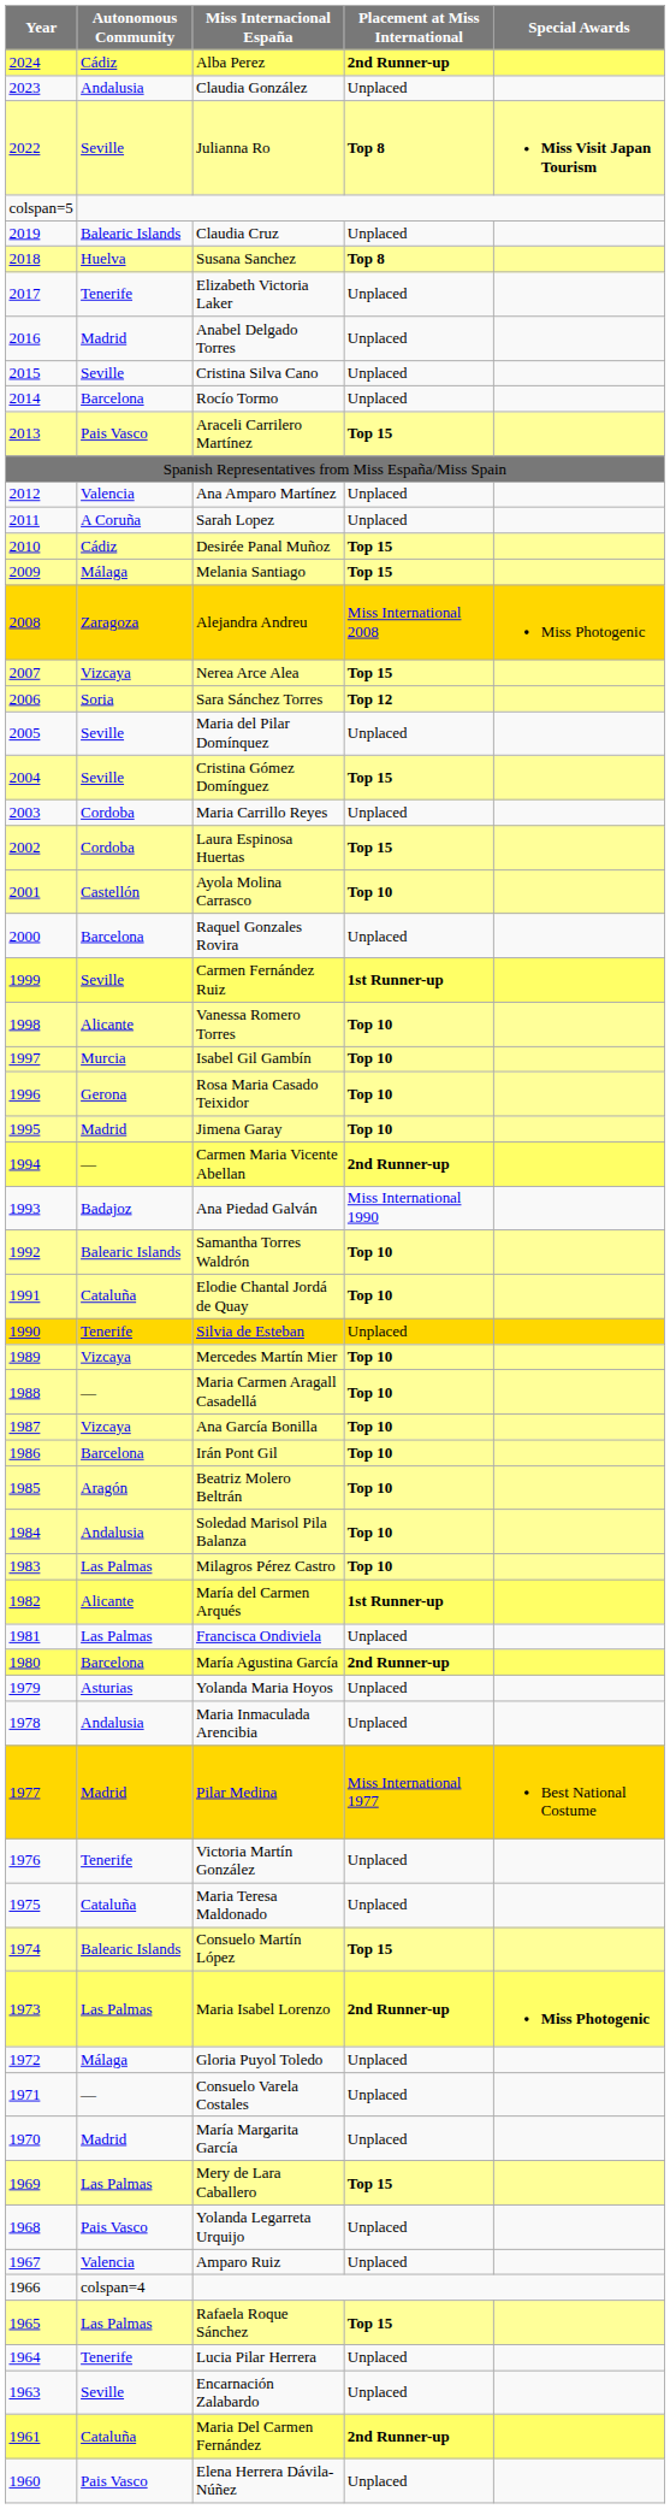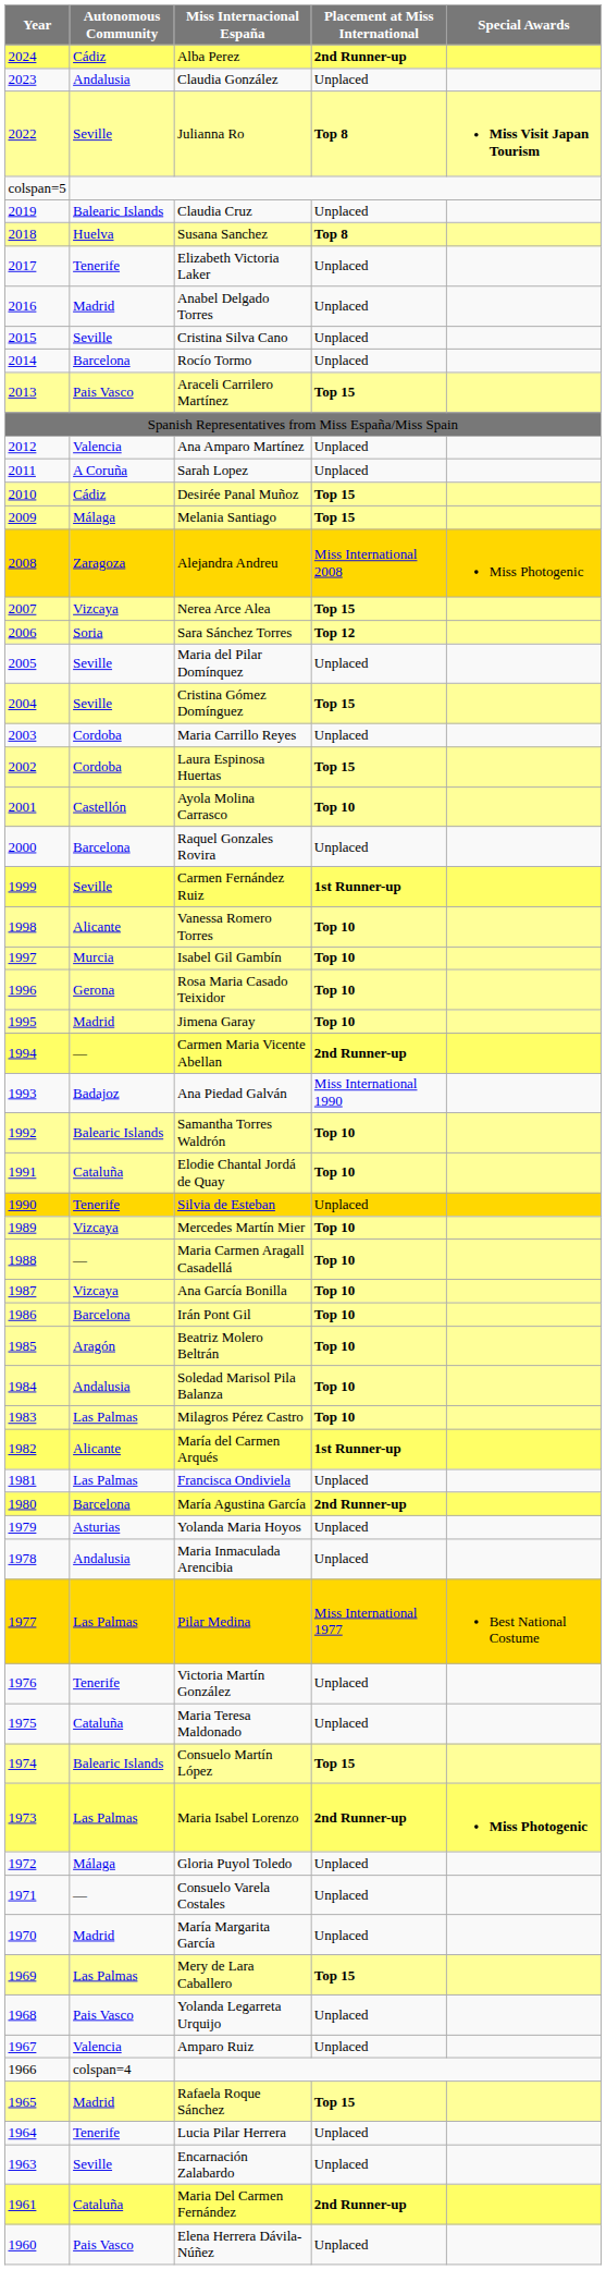 <table class="wikitable " style="font-size: 90%;">
 <tr>
 <th width="60" style="background-color:#787878;color:#FFFFFF;">Year</th>
 <th width="150" style="background-color:#787878;color:#FFFFFF;">Autonomous Community</th>
 <th width="250" style="background-color:#787878;color:#FFFFFF;">Miss Internacional España</th>
 <th width="250" style="background-color:#787878;color:#FFFFFF;">Placement at Miss International</th>
 <th width="250" style="background-color:#787878;color:#FFFFFF;">Special Awards</th>
 </tr>
 <tr style="background-color:#FFFF66;">
 <td><a href='#'>2024</a></td>
 <td><a href='#'>Cádiz</a></td>
 <td>Alba Perez</td>
 <td><strong>2nd Runner-up</strong></td>
 <td></td>
 </tr>
 <tr>
 <td><a href='#'>2023</a></td>
 <td><a href='#'>Andalusia</a></td>
 <td>Claudia González</td>
 <td>Unplaced</td>
 <td></td>
 </tr>
 <tr style="background-color:#FFFF99;">
 <td><a href='#'>2022</a></td>
 <td><a href='#'>Seville</a></td>
 <td>Julianna Ro</td>
 <td><strong>Top 8</strong></td>
 <td><br><ul><li><strong>Miss Visit Japan Tourism</strong></li></ul></td>
 </tr>
 <tr>
 <td>colspan=5 </td>
 </tr>
 <tr>
 <td><a href='#'>2019</a></td>
 <td><a href='#'>Balearic Islands</a></td>
 <td>Claudia Cruz</td>
 <td>Unplaced</td>
 <td></td>
 </tr>
 <tr style="background-color:#FFFF99;">
 <td><a href='#'>2018</a></td>
 <td><a href='#'>Huelva</a></td>
 <td>Susana Sanchez</td>
 <td><strong>Top 8</strong></td>
 <td></td>
 </tr>
 <tr>
 <td><a href='#'>2017</a></td>
 <td><a href='#'>Tenerife</a></td>
 <td>Elizabeth Victoria Laker</td>
 <td>Unplaced</td>
 <td></td>
 </tr>
 <tr>
 <td><a href='#'>2016</a></td>
 <td><a href='#'>Madrid</a></td>
 <td>Anabel Delgado Torres</td>
 <td>Unplaced</td>
 <td></td>
 </tr>
 <tr>
 <td><a href='#'>2015</a></td>
 <td><a href='#'>Seville</a></td>
 <td>Cristina Silva Cano</td>
 <td>Unplaced</td>
 <td></td>
 </tr>
 <tr>
 <td><a href='#'>2014</a></td>
 <td><a href='#'>Barcelona</a></td>
 <td>Rocío Tormo</td>
 <td>Unplaced</td>
 <td></td>
 </tr>
 <tr style="background-color:#FFFF99;">
 <td><a href='#'>2013</a></td>
 <td><a href='#'>Pais Vasco</a></td>
 <td>Araceli Carrilero Martínez</td>
 <td><strong>Top 15</strong></td>
 <td></td>
 </tr>
 <tr bgcolor="#787878" align="center">
 <td colspan="5"><span>Spanish Representatives from Miss España/Miss Spain</span></td>
 </tr>
 <tr>
 <td><a href='#'>2012</a></td>
 <td><a href='#'>Valencia</a></td>
 <td>Ana Amparo Martínez</td>
 <td>Unplaced</td>
 <td></td>
 </tr>
 <tr>
 <td><a href='#'>2011</a></td>
 <td><a href='#'>A Coruña</a></td>
 <td>Sarah Lopez</td>
 <td>Unplaced</td>
 <td></td>
 </tr>
 <tr style="background-color:#FFFF99;">
 <td><a href='#'>2010</a></td>
 <td><a href='#'>Cádiz</a></td>
 <td>Desirée Panal Muñoz</td>
 <td><strong>Top 15</strong></td>
 <td></td>
 </tr>
 <tr style="background-color:#FFFF99;">
 <td><a href='#'>2009</a></td>
 <td><a href='#'>Málaga</a></td>
 <td>Melania Santiago</td>
 <td><strong>Top 15</strong></td>
 <td></td>
 </tr>
 <tr style="background-color:GOLD">
 <td><a href='#'>2008</a></td>
 <td><a href='#'>Zaragoza</a></td>
 <td>Alejandra Andreu</td>
 <td><a href='#'>Miss International 2008</a></td>
 <td align="left"><br><ul><li>Miss Photogenic</li></ul></td>
 </tr>
 <tr style="background-color:#FFFF99;">
 <td><a href='#'>2007</a></td>
 <td><a href='#'>Vizcaya</a></td>
 <td>Nerea Arce Alea</td>
 <td><strong>Top 15</strong></td>
 <td></td>
 </tr>
 <tr style="background-color:#FFFF99;">
 <td><a href='#'>2006</a></td>
 <td><a href='#'>Soria</a></td>
 <td>Sara Sánchez Torres</td>
 <td><strong>Top 12</strong></td>
 <td></td>
 </tr>
 <tr>
 <td><a href='#'>2005</a></td>
 <td><a href='#'>Seville</a></td>
 <td>Maria del Pilar Domínquez</td>
 <td>Unplaced</td>
 <td></td>
 </tr>
 <tr style="background-color:#FFFF99;">
 <td><a href='#'>2004</a></td>
 <td><a href='#'>Seville</a></td>
 <td>Cristina  Gómez  Domínguez</td>
 <td><strong>Top 15</strong></td>
 <td></td>
 </tr>
 <tr>
 <td><a href='#'>2003</a></td>
 <td><a href='#'>Cordoba</a></td>
 <td>Maria Carrillo Reyes</td>
 <td>Unplaced</td>
 <td></td>
 </tr>
 <tr style="background-color:#FFFF99;">
 <td><a href='#'>2002</a></td>
 <td><a href='#'>Cordoba</a></td>
 <td>Laura Espinosa Huertas</td>
 <td><strong>Top 15</strong></td>
 <td></td>
 </tr>
 <tr style="background-color:#FFFF99;">
 <td><a href='#'>2001</a></td>
 <td><a href='#'>Castellón</a></td>
 <td>Ayola Molina Carrasco</td>
 <td><strong>Top 10</strong></td>
 <td></td>
 </tr>
 <tr>
 <td><a href='#'>2000</a></td>
 <td><a href='#'>Barcelona</a></td>
 <td>Raquel Gonzales Rovira</td>
 <td>Unplaced</td>
 <td></td>
 </tr>
 <tr style="background-color:#FFFF66;">
 <td><a href='#'>1999</a></td>
 <td><a href='#'>Seville</a></td>
 <td>Carmen Fernández Ruiz</td>
 <td><strong>1st Runner-up</strong></td>
 <td></td>
 </tr>
 <tr style="background-color:#FFFF99;">
 <td><a href='#'>1998</a></td>
 <td><a href='#'>Alicante</a></td>
 <td>Vanessa Romero Torres</td>
 <td><strong>Top 10</strong></td>
 <td></td>
 </tr>
 <tr style="background-color:#FFFF99;">
 <td><a href='#'>1997</a></td>
 <td><a href='#'>Murcia</a></td>
 <td>Isabel Gil Gambín</td>
 <td><strong>Top 10</strong></td>
 <td></td>
 </tr>
 <tr style="background-color:#FFFF99;">
 <td><a href='#'>1996</a></td>
 <td><a href='#'>Gerona</a></td>
 <td>Rosa Maria Casado Teixidor</td>
 <td><strong>Top 10</strong></td>
 <td></td>
 </tr>
 <tr style="background-color:#FFFF99;">
 <td><a href='#'>1995</a></td>
 <td><a href='#'>Madrid</a></td>
 <td>Jimena Garay</td>
 <td><strong>Top 10</strong></td>
 <td></td>
 </tr>
 <tr style="background-color:#FFFF66;">
 <td><a href='#'>1994</a></td>
 <td>—</td>
 <td>Carmen Maria Vicente Abellan</td>
 <td><strong>2nd Runner-up</strong></td>
 <td></td>
 </tr>
 <tr>
 <td><a href='#'>1993</a></td>
 <td><a href='#'>Badajoz</a></td>
 <td>Ana Piedad Galván</td>
 <td><a href='#'>Miss International 1990</a></td>
 <td></td>
 </tr>
 <tr style="background-color:#FFFF99;">
 <td><a href='#'>1992</a></td>
 <td><a href='#'>Balearic Islands</a></td>
 <td>Samantha Torres Waldrón</td>
 <td><strong>Top 10</strong></td>
 <td></td>
 </tr>
 <tr style="background-color:#FFFF99;">
 <td><a href='#'>1991</a></td>
 <td><a href='#'>Cataluña</a></td>
 <td>Elodie Chantal Jordá de Quay</td>
 <td><strong>Top 10</strong></td>
 <td></td>
 </tr>
 <tr style="background-color:GOLD">
 <td><a href='#'>1990</a></td>
 <td><a href='#'>Tenerife</a></td>
 <td><a href='#'>Silvia de Esteban</a></td>
 <td>Unplaced</td>
 <td></td>
 </tr>
 <tr style="background-color:#FFFF99;">
 <td><a href='#'>1989</a></td>
 <td><a href='#'>Vizcaya</a></td>
 <td>Mercedes Martín Mier</td>
 <td><strong>Top 10</strong></td>
 <td></td>
 </tr>
 <tr style="background-color:#FFFF99;">
 <td><a href='#'>1988</a></td>
 <td>—</td>
 <td>Maria Carmen Aragall Casadellá</td>
 <td><strong>Top 10</strong></td>
 <td></td>
 </tr>
 <tr style="background-color:#FFFF99;">
 <td><a href='#'>1987</a></td>
 <td><a href='#'>Vizcaya</a></td>
 <td>Ana García Bonilla</td>
 <td><strong>Top 10</strong></td>
 <td></td>
 </tr>
 <tr style="background-color:#FFFF99;">
 <td><a href='#'>1986</a></td>
 <td><a href='#'>Barcelona</a></td>
 <td>Irán Pont Gil</td>
 <td><strong>Top 10</strong></td>
 <td></td>
 </tr>
 <tr style="background-color:#FFFF99;">
 <td><a href='#'>1985</a></td>
 <td><a href='#'>Aragón</a></td>
 <td>Beatriz Molero Beltrán</td>
 <td><strong>Top 10</strong></td>
 <td></td>
 </tr>
 <tr style="background-color:#FFFF99;">
 <td><a href='#'>1984</a></td>
 <td><a href='#'>Andalusia</a></td>
 <td>Soledad Marisol Pila Balanza</td>
 <td><strong>Top 10</strong></td>
 <td></td>
 </tr>
 <tr style="background-color:#FFFF99;">
 <td><a href='#'>1983</a></td>
 <td><a href='#'>Las Palmas</a></td>
 <td>Milagros Pérez Castro</td>
 <td><strong>Top 10</strong></td>
 <td></td>
 </tr>
 <tr style="background-color:#FFFF66;">
 <td><a href='#'>1982</a></td>
 <td><a href='#'>Alicante</a></td>
 <td>María del Carmen Arqués</td>
 <td><strong>1st Runner-up</strong></td>
 <td></td>
 </tr>
 <tr>
 <td><a href='#'>1981</a></td>
 <td><a href='#'>Las Palmas</a></td>
 <td><a href='#'>Francisca Ondiviela</a></td>
 <td>Unplaced</td>
 <td></td>
 </tr>
 <tr style="background-color:#FFFF66;">
 <td><a href='#'>1980</a></td>
 <td><a href='#'>Barcelona</a></td>
 <td>María Agustina García</td>
 <td><strong>2nd Runner-up</strong></td>
 <td></td>
 </tr>
 <tr>
 <td><a href='#'>1979</a></td>
 <td><a href='#'>Asturias</a></td>
 <td>Yolanda Maria Hoyos</td>
 <td>Unplaced</td>
 <td></td>
 </tr>
 <tr>
 <td><a href='#'>1978</a></td>
 <td><a href='#'>Andalusia</a></td>
 <td>Maria Inmaculada Arencibia</td>
 <td>Unplaced</td>
 <td></td>
 </tr>
 <tr style="background-color:GOLD">
 <td><a href='#'>1977</a></td>
-<td><a href='#'>Madrid</a></td>
+<td><a href='#'>Las Palmas</a></td>
 <td><a href='#'>Pilar Medina</a></td>
 <td><a href='#'>Miss International 1977</a></td>
 <td align="left"><br><ul><li>Best National Costume</li></ul></td>
 </tr>
 <tr>
 <td><a href='#'>1976</a></td>
 <td><a href='#'>Tenerife</a></td>
 <td>Victoria Martín González</td>
 <td>Unplaced</td>
 <td></td>
 </tr>
 <tr>
 <td><a href='#'>1975</a></td>
 <td><a href='#'>Cataluña</a></td>
 <td>Maria Teresa Maldonado</td>
 <td>Unplaced</td>
 <td></td>
 </tr>
 <tr style="background-color:#FFFF99;">
 <td><a href='#'>1974</a></td>
 <td><a href='#'>Balearic Islands</a></td>
 <td>Consuelo Martín López</td>
 <td><strong>Top 15</strong></td>
 <td></td>
 </tr>
 <tr style="background-color:#FFFF66;">
 <td><a href='#'>1973</a></td>
 <td><a href='#'>Las Palmas</a></td>
 <td>Maria Isabel Lorenzo</td>
 <td><strong>2nd Runner-up</strong></td>
 <td align="left"><br><ul><li><strong>Miss Photogenic</strong></li></ul></td>
 </tr>
 <tr>
 <td><a href='#'>1972</a></td>
 <td><a href='#'>Málaga</a></td>
 <td>Gloria Puyol Toledo</td>
 <td>Unplaced</td>
 <td></td>
 </tr>
 <tr>
 <td><a href='#'>1971</a></td>
 <td>—</td>
 <td>Consuelo Varela Costales</td>
 <td>Unplaced</td>
 <td></td>
 </tr>
 <tr>
 <td><a href='#'>1970</a></td>
 <td><a href='#'>Madrid</a></td>
 <td>María Margarita García</td>
 <td>Unplaced</td>
 <td></td>
 </tr>
 <tr style="background-color:#FFFF99;">
 <td><a href='#'>1969</a></td>
 <td><a href='#'>Las Palmas</a></td>
 <td>Mery de Lara Caballero</td>
 <td><strong>Top 15</strong></td>
 <td></td>
 </tr>
 <tr>
 <td><a href='#'>1968</a></td>
 <td><a href='#'>Pais Vasco</a></td>
 <td>Yolanda Legarreta Urquijo</td>
 <td>Unplaced</td>
 <td></td>
 </tr>
 <tr>
 <td><a href='#'>1967</a></td>
 <td><a href='#'>Valencia</a></td>
 <td>Amparo Ruiz</td>
 <td>Unplaced</td>
 <td></td>
 </tr>
 <tr>
 <td>1966</td>
 <td>colspan=4 </td>
 </tr>
 <tr style="background-color:#FFFF99;">
 <td><a href='#'>1965</a></td>
-<td><a href='#'>Las Palmas</a></td>
+<td><a href='#'>Madrid</a></td>
 <td>Rafaela Roque Sánchez</td>
 <td><strong>Top 15</strong></td>
 <td></td>
 </tr>
 <tr>
 <td><a href='#'>1964</a></td>
 <td><a href='#'>Tenerife</a></td>
 <td>Lucia Pilar Herrera</td>
 <td>Unplaced</td>
 <td></td>
 </tr>
 <tr>
 <td><a href='#'>1963</a></td>
 <td><a href='#'>Seville</a></td>
 <td>Encarnación Zalabardo</td>
 <td>Unplaced</td>
 <td></td>
 </tr>
 <tr style="background-color:#FFFF66;">
 <td><a href='#'>1961</a></td>
 <td><a href='#'>Cataluña</a></td>
 <td>Maria Del Carmen Fernández</td>
 <td><strong>2nd Runner-up</strong></td>
 <td></td>
 </tr>
 <tr>
 <td><a href='#'>1960</a></td>
 <td><a href='#'>Pais Vasco</a></td>
 <td>Elena Herrera Dávila-Núñez</td>
 <td>Unplaced</td>
 <td></td>
 </tr>
 </table>
